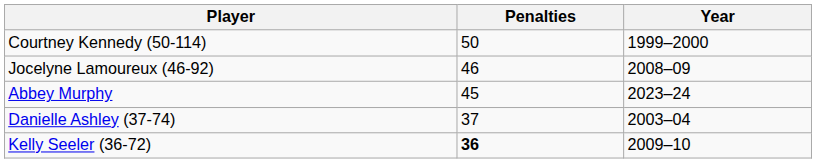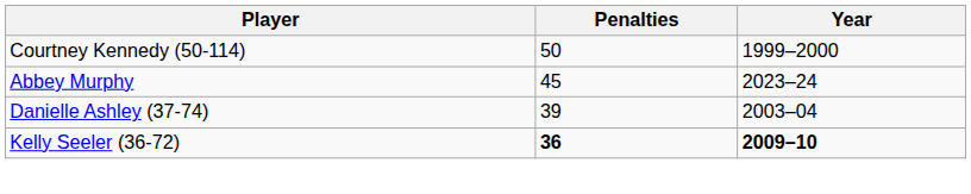 <table class="wikitable" style="width: 50em">
 <tr>
 <th>Player</th>
 <th>Penalties</th>
 <th>Year</th>
 </tr>
 <tr>
 <td>Courtney Kennedy (50-114)</td>
 <td>50</td>
 <td>1999–2000</td>
 </tr>
 <tr>
-<td>Jocelyne Lamoureux (46-92)</td>
-<td>46</td>
-<td>2008–09</td>
-</tr>
-<tr>
 <td><a href='#'>Abbey Murphy</a></td>
 <td>45</td>
 <td>2023–24</td>
 </tr>
 <tr>
 <td><a href='#'>Danielle Ashley</a> (37-74)</td>
-<td>37</td>
+<td>39</td>
 <td>2003–04</td>
 </tr>
 <tr>
 <td><a href='#'>Kelly Seeler</a> (36-72)</td>
 <td><strong>36</strong></td>
-<td>2009–10</td>
+<td><strong>2009–10</strong></td>
 </tr>
 </table>
